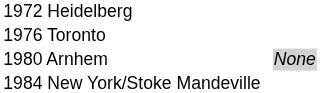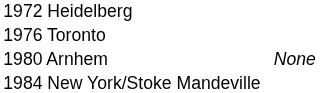 <table>
 <tr>
 <td>1972 Heidelberg <br></td>
 <td></td>
 <td></td>
 <td></td>
 </tr>
 <tr>
 <td>1976 Toronto <br></td>
 <td></td>
 <td></td>
 <td></td>
 </tr>
 <tr>
 <td>1980 Arnhem <br></td>
 <td></td>
 <td></td>
-<td style="background: lightgrey;"><em>None</em></td>
+<td><em>None</em></td>
 </tr>
 <tr>
 <td>1984 New York/Stoke Mandeville <br></td>
 <td></td>
 <td></td>
 <td></td>
 </tr>
 </table>
